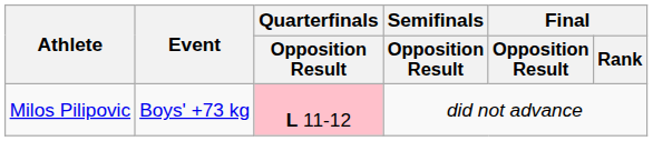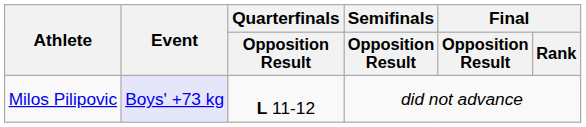 <table class="wikitable" style="font-size:90%">
 <tr>
 <th rowspan="2">Athlete</th>
 <th rowspan="2">Event</th>
 <th>Quarterfinals</th>
 <th>Semifinals</th>
 <th colspan=2>Final</th>
 </tr>
 <tr style="font-size:95%">
 <th>Opposition<br>Result</th>
 <th>Opposition<br>Result</th>
 <th>Opposition<br>Result</th>
 <th>Rank</th>
 </tr>
 <tr align=center>
 <td align=left><a href='#'>Milos Pilipovic</a></td>
-<td align=left><a href='#'>Boys' +73 kg</a></td>
-<td style="background: pink;"><br> <strong>L</strong> 11-12</td>
+<td align=left style="background: lavender;"><a href='#'>Boys' +73 kg</a></td>
+<td><br> <strong>L</strong> 11-12</td>
 <td Colspan=3><em>did not advance</em></td>
 </tr>
 </table>
